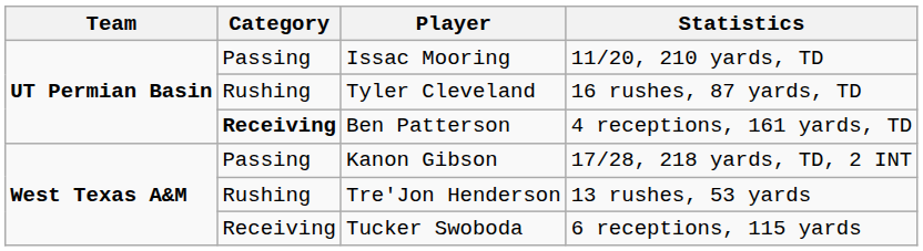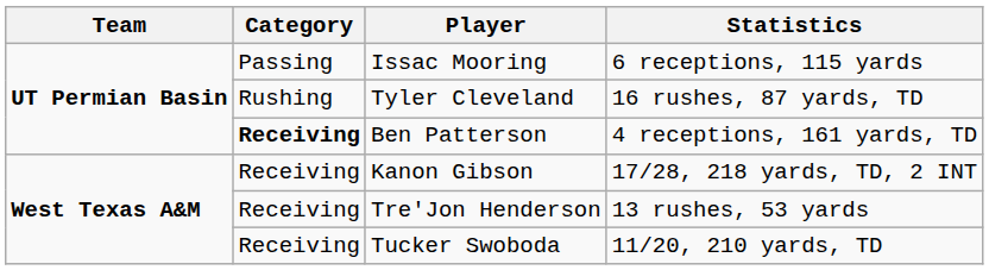 <table class="wikitable" style="float: right;">
 <tr>
 <th>Team</th>
 <th>Category</th>
 <th>Player</th>
 <th>Statistics</th>
 </tr>
 <tr>
 <td rowspan=3><strong>UT Permian Basin</strong></td>
 <td>Passing</td>
 <td>Issac Mooring</td>
-<td>11/20, 210 yards, TD</td>
+<td>6 receptions, 115 yards</td>
 </tr>
 <tr>
 <td>Rushing</td>
 <td>Tyler Cleveland</td>
 <td>16 rushes, 87 yards, TD</td>
 </tr>
 <tr>
 <td><strong>Receiving</strong></td>
 <td>Ben Patterson</td>
 <td>4 receptions, 161 yards, TD</td>
 </tr>
 <tr>
 <td rowspan=3><strong>West Texas A&M</strong></td>
-<td>Passing</td>
+<td>Receiving</td>
 <td>Kanon Gibson</td>
 <td>17/28, 218 yards, TD, 2 INT</td>
 </tr>
 <tr>
-<td>Rushing</td>
+<td>Receiving</td>
 <td>Tre'Jon Henderson</td>
 <td>13 rushes, 53 yards</td>
 </tr>
 <tr>
 <td>Receiving</td>
 <td>Tucker Swoboda</td>
-<td>6 receptions, 115 yards</td>
+<td>11/20, 210 yards, TD</td>
 </tr>
 </table>
